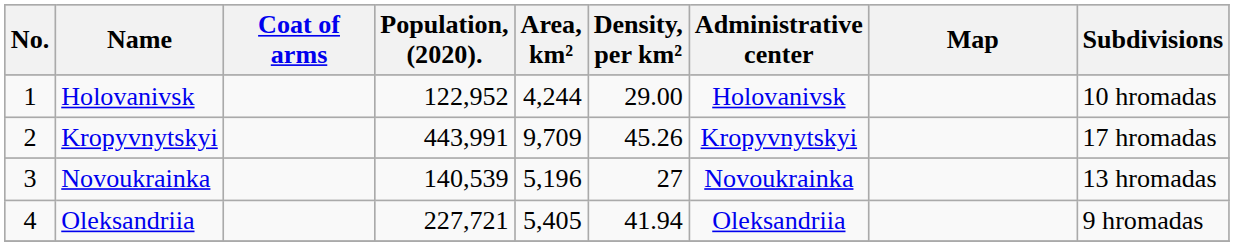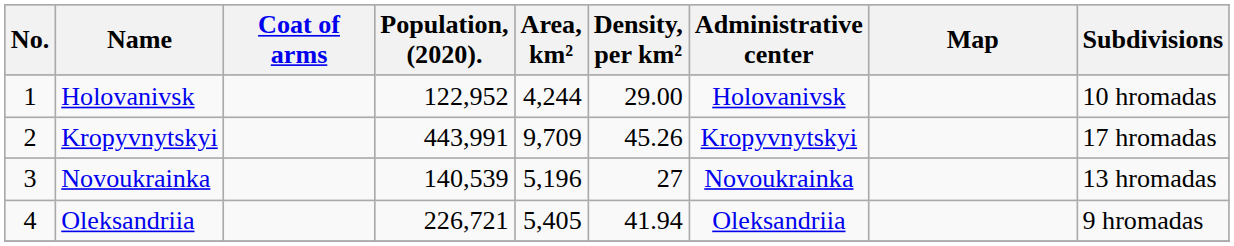 <table class="wikitable sortable">
 <tr style="background:#ddd;">
 <th>No.</th>
 <th>Name</th>
 <th class=unsortable width=85 align="center"><a href='#'>Coat of arms</a></th>
 <th>Population, <br> (2020).</th>
 <th>Area, <br> km²</th>
 <th>Density, <br> per km²</th>
 <th>Administrative <br> center</th>
 <th class=unsortable width=120>Map</th>
 <th>Subdivisions</th>
 </tr>
 <tr>
 <td align="center">1</td>
 <td><a href='#'>Holovanivsk</a></td>
 <td></td>
 <td align="right">122,952</td>
 <td align="right">4,244</td>
 <td align="right">29.00</td>
 <td align="center"><a href='#'>Holovanivsk</a></td>
 <td></td>
 <td>10 hromadas</td>
 </tr>
 <tr>
 <td align="center">2</td>
 <td><a href='#'>Kropyvnytskyi</a></td>
 <td></td>
 <td align="right">443,991</td>
 <td align="right">9,709</td>
 <td align="right">45.26</td>
 <td align="center"><a href='#'>Kropyvnytskyi</a></td>
 <td></td>
 <td>17 hromadas</td>
 </tr>
 <tr>
 <td align="center">3</td>
 <td><a href='#'>Novoukrainka</a></td>
 <td></td>
 <td align="right">140,539</td>
 <td align="right">5,196</td>
 <td align="right">27</td>
 <td align="center"><a href='#'>Novoukrainka</a></td>
 <td></td>
 <td>13 hromadas</td>
 </tr>
 <tr>
 <td align="center">4</td>
 <td><a href='#'>Oleksandriia</a></td>
 <td></td>
-<td align="right">227,721</td>
+<td align="right">226,721</td>
 <td align="right">5,405</td>
 <td align="right">41.94</td>
 <td align="center"><a href='#'>Oleksandriia</a></td>
 <td></td>
 <td>9 hromadas</td>
 </tr>
 <tr>
 </tr>
 </table>
